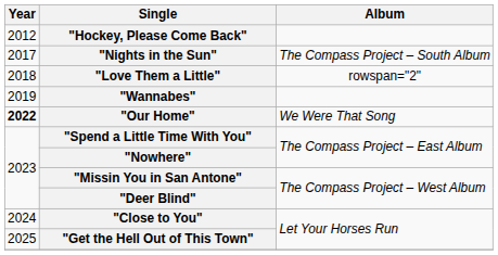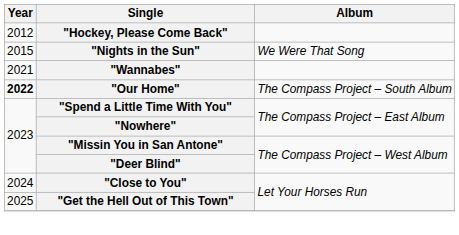 <table class="wikitable plainrowheaders" style="text-align:center;">
 <tr>
 <th>Year</th>
 <th style="width:18em;">Single</th>
 <th>Album</th>
 </tr>
 <tr>
 <td>2012</td>
 <th scope="row">"Hockey, Please Come Back"</th>
 <td></td>
 </tr>
 <tr>
-<td>2017</td>
+<td>2015</td>
 <th scope="row">"Nights in the Sun"<br></th>
-<td align="left"><em>The Compass Project – South Album</em></td>
+<td align="left"><em>We Were That Song</em></td>
 </tr>
 <tr>
-<td>2018</td>
-<th scope="row">"Love Them a Little"</th>
-<td>rowspan="2" </td>
-</tr>
-<tr>
-<td>2019</td>
+<td>2021</td>
 <th scope="row">"Wannabes"</th>
 </tr>
 <tr>
 <td><strong>2022</strong></td>
 <th scope="row">"Our Home"</th>
-<td align="left"><em>We Were That Song</em></td>
+<td align="left"><em>The Compass Project – South Album</em></td>
 </tr>
 <tr>
 <td rowspan="4">2023</td>
 <th scope="row">"Spend a Little Time With You"</th>
 <td align="left" rowspan="2"><em>The Compass Project – East Album</em></td>
 </tr>
 <tr>
 <th scope="row">"Nowhere"</th>
 </tr>
 <tr>
 <th scope="row">"Missin You in San Antone"</th>
 <td align="left" rowspan="2"><em>The Compass Project – West Album</em></td>
 </tr>
 <tr>
 <th scope="row">"Deer Blind"</th>
 </tr>
 <tr>
 <td>2024</td>
 <th scope="row">"Close to You"</th>
 <td align="left" rowspan="2"><em>Let Your Horses Run</em></td>
 </tr>
 <tr>
 <td>2025</td>
 <th scope="row">"Get the Hell Out of This Town"<br></th>
 </tr>
 <tr>
 </tr>
 </table>
